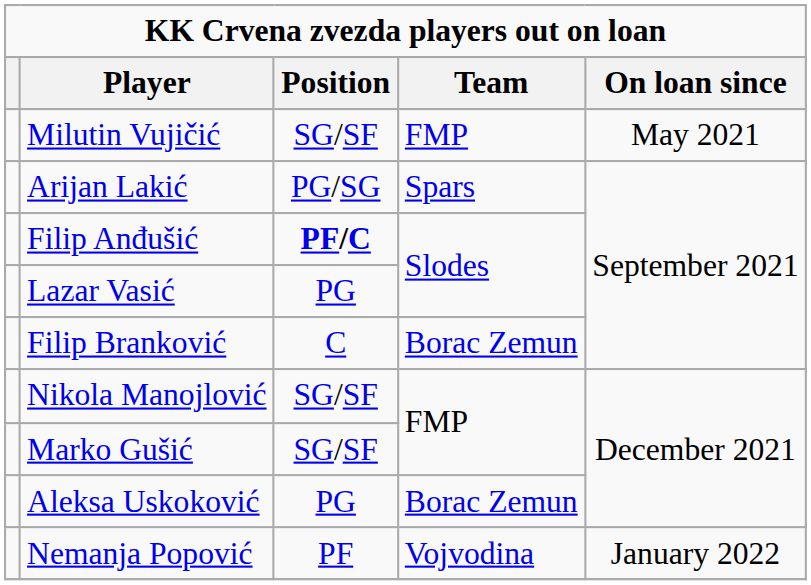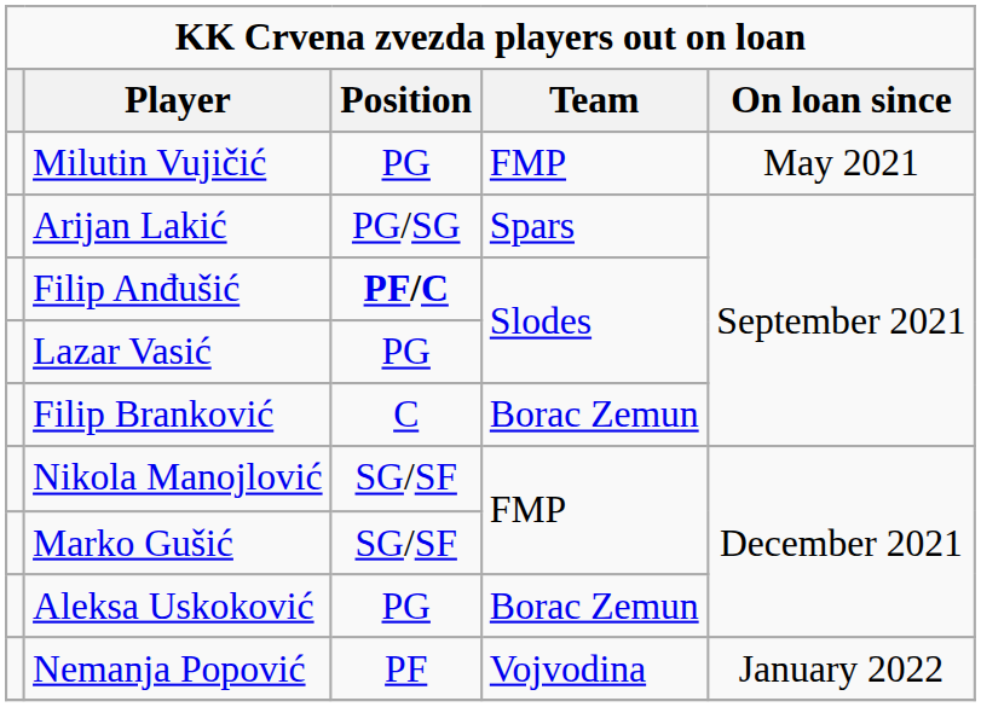 <table class="wikitable sortable" style="font-size: 95%; text-align:center;">
 <tr>
 <td colspan=6><strong>KK Crvena zvezda players out on loan</strong></td>
 </tr>
 <tr>
 <th></th>
 <th>Player</th>
 <th>Position</th>
 <th>Team</th>
 <th>On loan since</th>
 </tr>
 <tr>
 <td></td>
 <td style="text-align:left;"><a href='#'>Milutin Vujičić</a></td>
-<td><a href='#'>SG</a>/<a href='#'>SF</a></td>
+<td><a href='#'>PG</a></td>
 <td style="text-align:left;"> <a href='#'>FMP</a></td>
 <td>May 2021</td>
 </tr>
 <tr>
 <td></td>
 <td style="text-align:left;"><a href='#'>Arijan Lakić</a></td>
 <td><a href='#'>PG</a>/<a href='#'>SG</a></td>
 <td style="text-align:left;"> <a href='#'>Spars</a></td>
 <td rowspan=4>September 2021</td>
 </tr>
 <tr>
 <td></td>
 <td style="text-align:left;"><a href='#'>Filip Anđušić</a></td>
 <td><strong><a href='#'>PF</a>/<a href='#'>C</a></strong></td>
 <td style="text-align:left;" rowspan=2> <a href='#'>Slodes</a></td>
 </tr>
 <tr>
 <td></td>
 <td style="text-align:left;"><a href='#'>Lazar Vasić</a></td>
 <td><a href='#'>PG</a></td>
 </tr>
 <tr>
 <td></td>
 <td style="text-align:left;"><a href='#'>Filip Branković</a></td>
 <td><a href='#'>C</a></td>
 <td style="text-align:left;"> <a href='#'>Borac Zemun</a></td>
 </tr>
 <tr>
 <td></td>
 <td style="text-align:left;"><a href='#'>Nikola Manojlović</a></td>
 <td><a href='#'>SG</a>/<a href='#'>SF</a></td>
 <td style="text-align:left;" rowspan=2> FMP</td>
 <td rowspan=3>December 2021</td>
 </tr>
 <tr>
 <td></td>
 <td style="text-align:left;"><a href='#'>Marko Gušić</a></td>
 <td><a href='#'>SG</a>/<a href='#'>SF</a></td>
 </tr>
 <tr>
 <td></td>
 <td style="text-align:left;"><a href='#'>Aleksa Uskoković</a></td>
 <td><a href='#'>PG</a></td>
 <td style="text-align:left;"> <a href='#'>Borac Zemun</a></td>
 </tr>
 <tr>
 <td></td>
 <td style="text-align:left;"><a href='#'>Nemanja Popović</a></td>
 <td><a href='#'>PF</a></td>
 <td style="text-align:left;"> <a href='#'>Vojvodina</a></td>
 <td>January 2022</td>
 </tr>
 <tr>
 </tr>
 </table>
